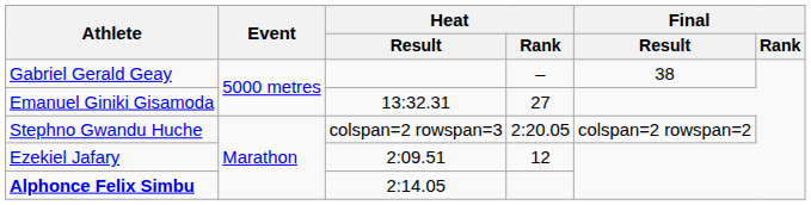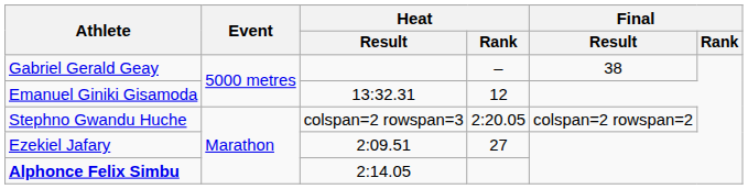 <table class="wikitable" style="font-size:90%">
 <tr>
 <th rowspan="2">Athlete</th>
 <th rowspan="2">Event</th>
 <th colspan="2">Heat</th>
 <th colspan="2">Final</th>
 </tr>
 <tr style="font-size:95%">
 <th>Result</th>
 <th>Rank</th>
 <th>Result</th>
 <th>Rank</th>
 </tr>
 <tr style=text-align:center>
 <td style=text-align:left><a href='#'>Gabriel Gerald Geay</a></td>
 <td style=text-align:left rowspan=2><a href='#'>5000 metres</a></td>
 <td></td>
 <td>–</td>
 <td>38</td>
 </tr>
 <tr style=text-align:center>
 <td style=text-align:left><a href='#'>Emanuel Giniki Gisamoda</a></td>
 <td>13:32.31</td>
-<td>27</td>
+<td>12</td>
 </tr>
 <tr style=text-align:center>
 <td style=text-align:left><a href='#'>Stephno Gwandu Huche</a></td>
 <td style=text-align:left rowspan=3><a href='#'>Marathon</a></td>
 <td>colspan=2 rowspan=3 </td>
 <td>2:20.05</td>
 <td>colspan=2 rowspan=2 </td>
 </tr>
 <tr style=text-align:center>
 <td style=text-align:left><a href='#'>Ezekiel Jafary</a></td>
 <td>2:09.51</td>
-<td>12</td>
+<td>27</td>
 </tr>
 <tr style=text-align:center>
 <td style=text-align:left><strong><a href='#'>Alphonce Felix Simbu</a></strong></td>
 <td>2:14.05</td>
 <td></td>
 </tr>
 </table>
